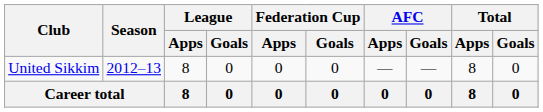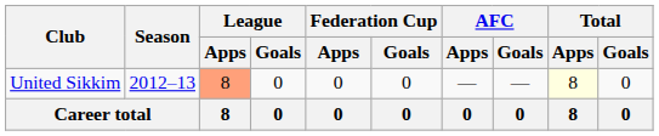 <table class="wikitable" style="font-size:90%; text-align:center;">
 <tr>
 <th rowspan="2">Club</th>
 <th rowspan="2">Season</th>
 <th colspan="2">League</th>
 <th colspan="2">Federation Cup</th>
 <th colspan="2"><a href='#'>AFC</a></th>
 <th colspan="2">Total</th>
 </tr>
 <tr>
 <th>Apps</th>
 <th>Goals</th>
 <th>Apps</th>
 <th>Goals</th>
 <th>Apps</th>
 <th>Goals</th>
 <th>Apps</th>
 <th>Goals</th>
 </tr>
 <tr>
 <td rowspan="1"><a href='#'>United Sikkim</a></td>
 <td><a href='#'>2012–13</a></td>
-<td>8</td>
+<td style="background: lightsalmon;">8</td>
 <td>0</td>
 <td>0</td>
 <td>0</td>
 <td>—</td>
 <td>—</td>
-<td>8</td>
+<td style="background: lightyellow;">8</td>
 <td>0</td>
 </tr>
 <tr>
 <th colspan="2">Career total</th>
 <th>8</th>
 <th>0</th>
 <th>0</th>
 <th>0</th>
 <th>0</th>
 <th>0</th>
 <th>8</th>
 <th>0</th>
 </tr>
 </table>
